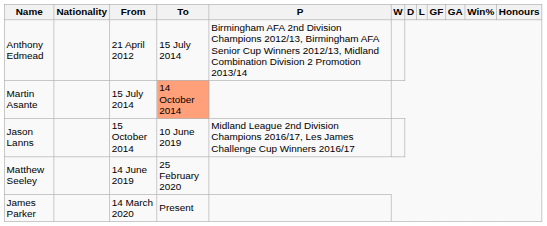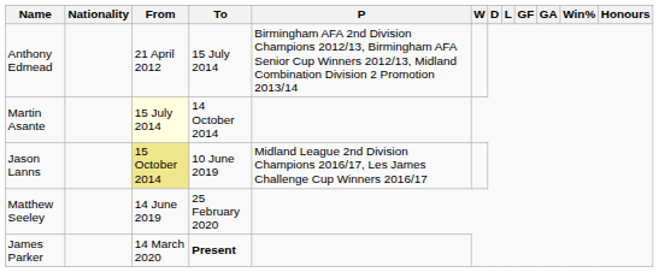 <table class="wikitable" >
 <tr>
 <th>Name</th>
 <th>Nationality</th>
 <th>From</th>
 <th class="unsortable">To</th>
 <th>P</th>
 <th>W</th>
 <th>D</th>
 <th>L</th>
 <th>GF</th>
 <th>GA</th>
 <th>Win%</th>
 <th class="unsortable">Honours</th>
 </tr>
 <tr>
 <td align=left>Anthony Edmead</td>
 <td></td>
 <td align=left>21 April 2012</td>
 <td align=left>15 July 2014<br></td>
 <td align=left>Birmingham AFA 2nd Division Champions 2012/13, Birmingham AFA Senior Cup Winners 2012/13, Midland Combination Division 2 Promotion 2013/14</td>
 <td align=left style="font-size: 80%"></td>
 </tr>
 <tr>
 <td align=left>Martin Asante</td>
 <td></td>
-<td align=left>15 July 2014</td>
-<td align=left style="background: lightsalmon;">14 October 2014<br></td>
+<td align=left style="background: lightyellow;">15 July 2014</td>
+<td align=left>14 October 2014<br></td>
 <td align=left style="font-size: 80%"></td>
 </tr>
 <tr>
 <td align=left>Jason Lanns</td>
 <td></td>
-<td align=left>15 October 2014</td>
+<td align=left style="background: khaki;">15 October 2014</td>
 <td align=left>10 June 2019<br></td>
 <td align=left>Midland League 2nd Division Champions 2016/17, Les James Challenge Cup Winners 2016/17</td>
 <td align=left style="font-size: 80%"></td>
 </tr>
 <tr>
 <td align=left>Matthew Seeley</td>
 <td></td>
 <td align=left>14 June 2019</td>
 <td align=left>25 February 2020<br></td>
 </tr>
 <tr>
 <td align=left>James Parker</td>
 <td></td>
 <td align=left>14 March 2020</td>
-<td align=left>Present<br></td>
+<td align=left><strong>Present<br></strong></td>
 <td align=left style="font-size: 80%"></td>
 </tr>
 </table>
